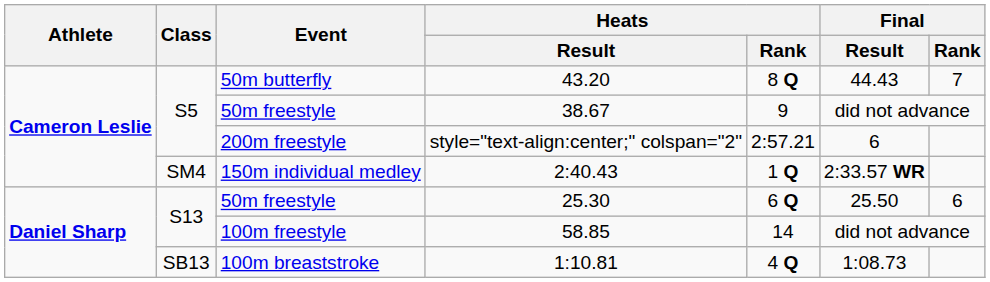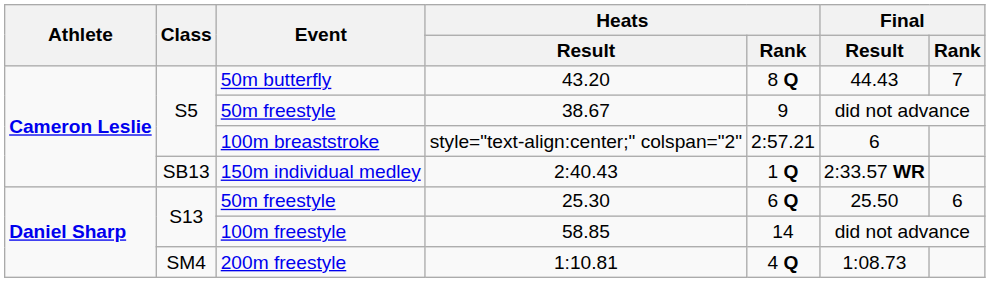 <table class=wikitable style="font-size:90%">
 <tr>
 <th rowspan="2">Athlete</th>
 <th rowspan="2">Class</th>
 <th rowspan="2">Event</th>
 <th colspan="2">Heats</th>
 <th colspan="2">Final</th>
 </tr>
 <tr>
 <th>Result</th>
 <th>Rank</th>
 <th>Result</th>
 <th>Rank</th>
 </tr>
 <tr>
 <td rowspan="4"><strong><a href='#'>Cameron Leslie</a></strong></td>
 <td rowspan="3" style="text-align:center;">S5</td>
 <td><a href='#'>50m butterfly</a></td>
 <td style="text-align:center;">43.20</td>
 <td style="text-align:center;">8 <strong>Q</strong></td>
 <td style="text-align:center;">44.43</td>
 <td style="text-align:center;">7</td>
 </tr>
 <tr>
 <td><a href='#'>50m freestyle</a></td>
 <td style="text-align:center;">38.67</td>
 <td style="text-align:center;">9</td>
 <td style="text-align:center;" colspan="2">did not advance</td>
 </tr>
 <tr>
-<td><a href='#'>200m freestyle</a></td>
+<td><a href='#'>100m breaststroke</a></td>
 <td>style="text-align:center;" colspan="2" </td>
 <td style="text-align:center;">2:57.21</td>
 <td style="text-align:center;">6</td>
 </tr>
 <tr>
-<td style="text-align:center;">SM4</td>
+<td style="text-align:center;">SB13</td>
 <td><a href='#'>150m individual medley</a></td>
 <td style="text-align:center;">2:40.43</td>
 <td style="text-align:center;">1 <strong>Q</strong></td>
 <td style="text-align:center;">2:33.57 <strong>WR</strong></td>
 <td style="text-align:center;"></td>
 </tr>
 <tr>
 <td rowspan="3"><strong><a href='#'>Daniel Sharp</a></strong></td>
 <td rowspan="2" style="text-align:center;">S13</td>
 <td><a href='#'>50m freestyle</a></td>
 <td style="text-align:center;">25.30</td>
 <td style="text-align:center;">6 <strong>Q</strong></td>
 <td style="text-align:center;">25.50</td>
 <td style="text-align:center;">6</td>
 </tr>
 <tr>
 <td><a href='#'>100m freestyle</a></td>
 <td style="text-align:center;">58.85</td>
 <td style="text-align:center;">14</td>
 <td style="text-align:center;" colspan="2">did not advance</td>
 </tr>
 <tr>
-<td style="text-align:center;">SB13</td>
-<td><a href='#'>100m breaststroke</a></td>
+<td style="text-align:center;">SM4</td>
+<td><a href='#'>200m freestyle</a></td>
 <td style="text-align:center;">1:10.81</td>
 <td style="text-align:center;">4 <strong>Q</strong></td>
 <td style="text-align:center;">1:08.73</td>
 <td style="text-align:center;"></td>
 </tr>
 </table>
